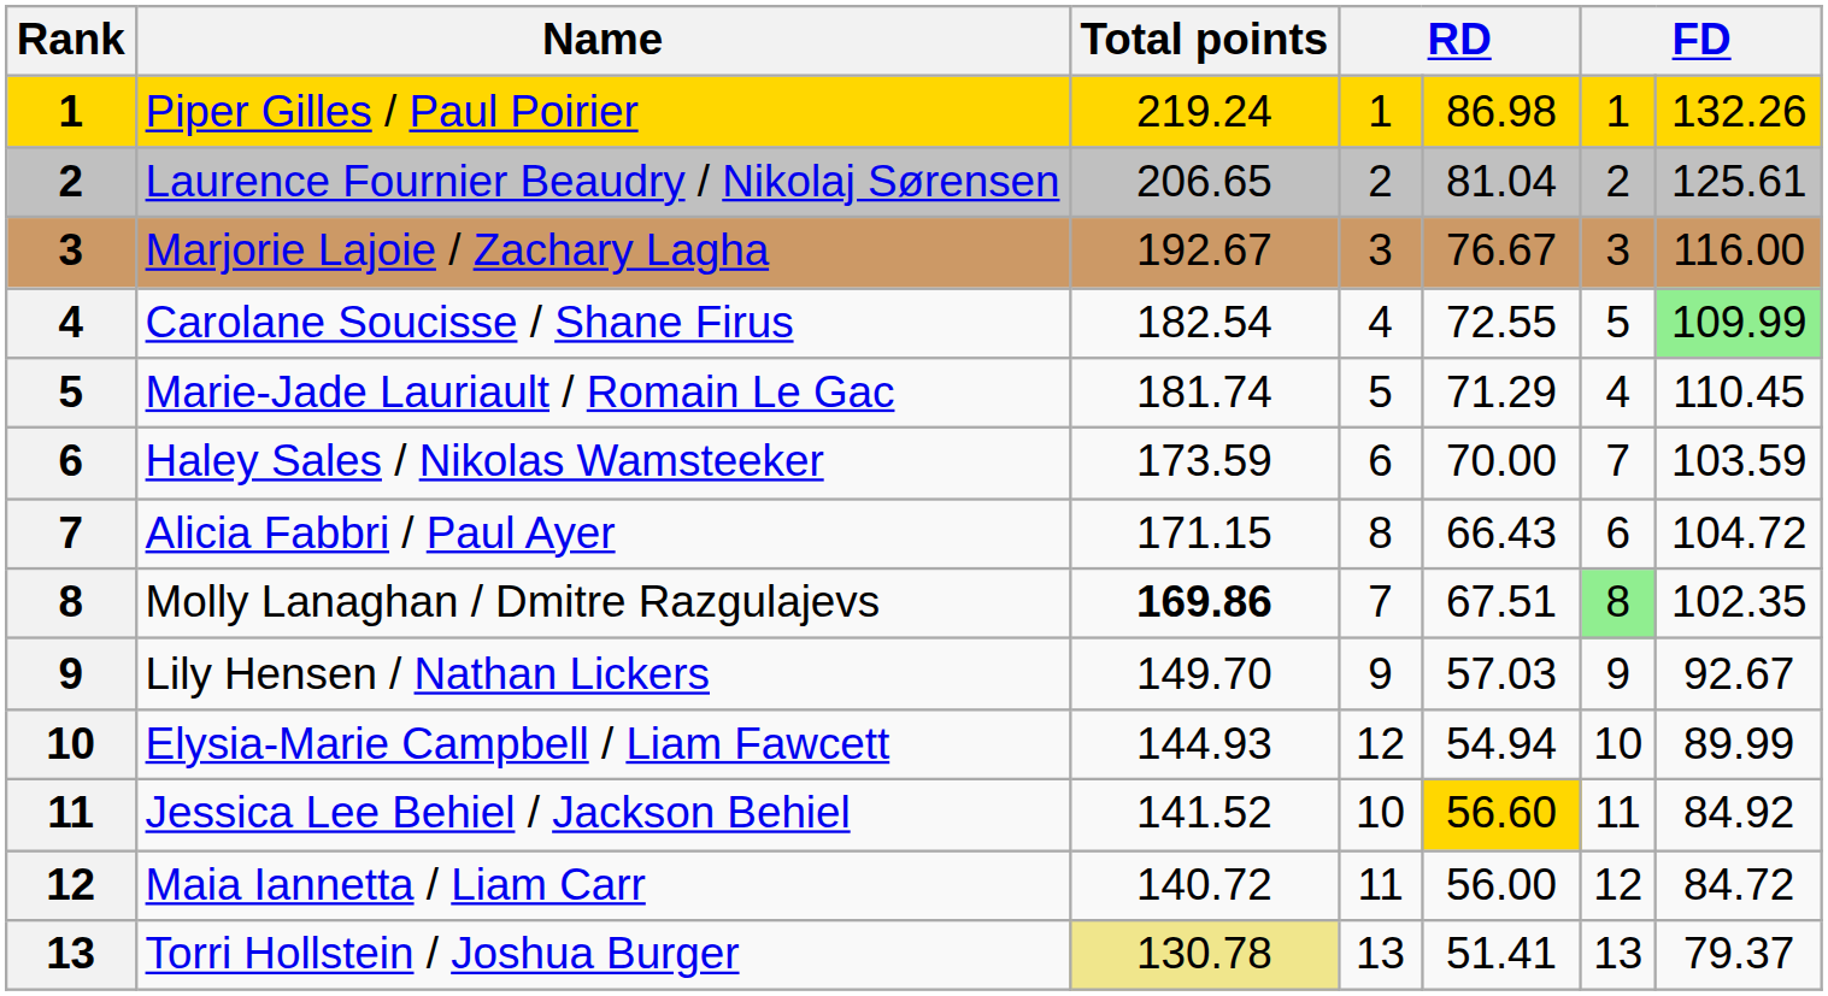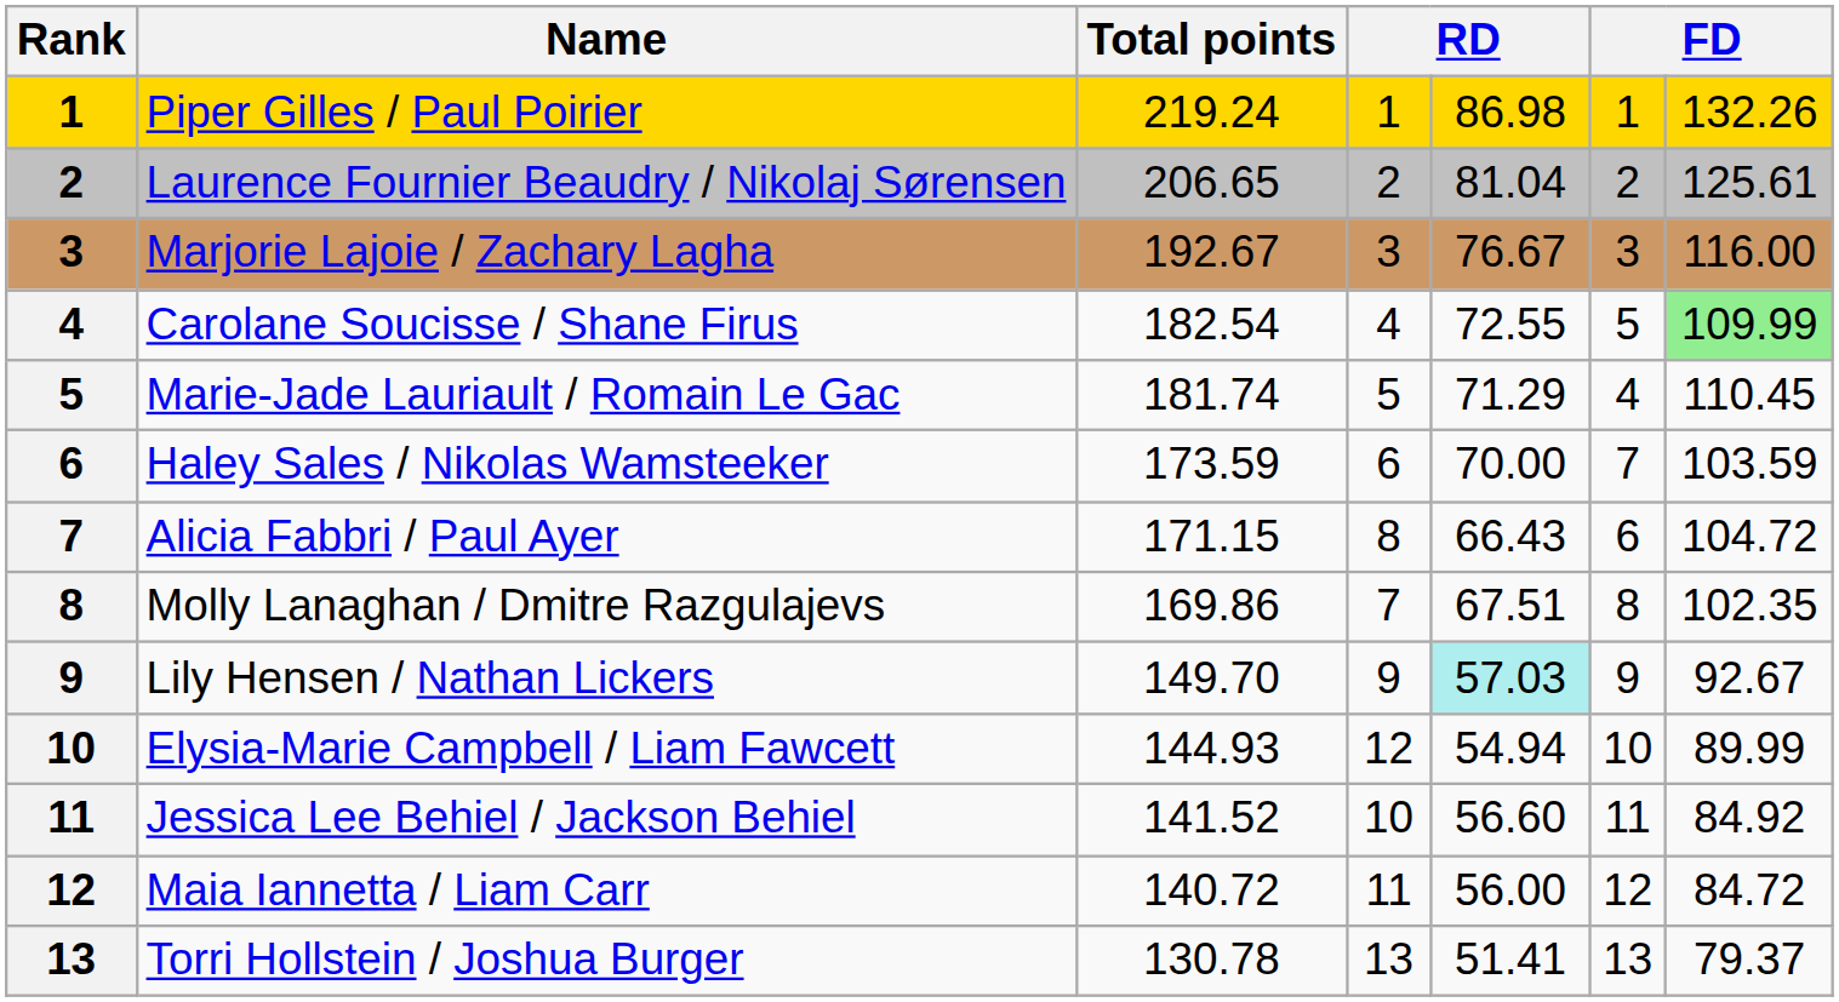 <table class="wikitable sortable">
 <tr>
 <th>Rank</th>
 <th>Name</th>
 <th>Total points</th>
 <th colspan="2" width="80px"><a href='#'>RD</a></th>
 <th colspan="2" width="80px"><a href='#'>FD</a></th>
 </tr>
 <tr bgcolor="gold">
 <td align="center"><strong>1</strong></td>
 <td><a href='#'>Piper Gilles</a> / <a href='#'>Paul Poirier</a></td>
 <td align="center">219.24</td>
 <td align="center">1</td>
 <td align="center">86.98</td>
 <td align="center">1</td>
 <td align="center">132.26</td>
 </tr>
 <tr bgcolor="silver">
 <td align="center"><strong>2</strong></td>
 <td><a href='#'>Laurence Fournier Beaudry</a> / <a href='#'>Nikolaj Sørensen</a></td>
 <td align="center">206.65</td>
 <td align="center">2</td>
 <td align="center">81.04</td>
 <td align="center">2</td>
 <td align="center">125.61</td>
 </tr>
 <tr bgcolor="cc9966">
 <td align="center"><strong>3</strong></td>
 <td><a href='#'>Marjorie Lajoie</a> / <a href='#'>Zachary Lagha</a></td>
 <td align="center">192.67</td>
 <td align="center">3</td>
 <td align="center">76.67</td>
 <td align="center">3</td>
 <td align="center">116.00</td>
 </tr>
 <tr>
 <th>4</th>
 <td><a href='#'>Carolane Soucisse</a> / <a href='#'>Shane Firus</a></td>
 <td align="center">182.54</td>
 <td align="center">4</td>
 <td align="center">72.55</td>
 <td align="center">5</td>
 <td align="center" style="background: lightgreen;">109.99</td>
 </tr>
 <tr>
 <th>5</th>
 <td><a href='#'>Marie-Jade Lauriault</a> / <a href='#'>Romain Le Gac</a></td>
 <td align="center">181.74</td>
 <td align="center">5</td>
 <td align="center">71.29</td>
 <td align="center">4</td>
 <td align="center">110.45</td>
 </tr>
 <tr>
 <th>6</th>
 <td><a href='#'>Haley Sales</a> / <a href='#'>Nikolas Wamsteeker</a></td>
 <td align="center">173.59</td>
 <td align="center">6</td>
 <td align="center">70.00</td>
 <td align="center">7</td>
 <td align="center">103.59</td>
 </tr>
 <tr>
 <th>7</th>
 <td><a href='#'>Alicia Fabbri</a> / <a href='#'>Paul Ayer</a></td>
 <td align="center">171.15</td>
 <td align="center">8</td>
 <td align="center">66.43</td>
 <td align="center">6</td>
 <td align="center">104.72</td>
 </tr>
 <tr>
 <th>8</th>
 <td>Molly Lanaghan / Dmitre Razgulajevs</td>
-<td align="center"><strong>169.86</strong></td>
+<td align="center">169.86</td>
 <td align="center">7</td>
 <td align="center">67.51</td>
-<td align="center" style="background: lightgreen;">8</td>
+<td align="center">8</td>
 <td align="center">102.35</td>
 </tr>
 <tr>
 <th>9</th>
 <td>Lily Hensen / <a href='#'>Nathan Lickers</a></td>
 <td align="center">149.70</td>
 <td align="center">9</td>
-<td align="center">57.03</td>
+<td align="center" style="background: paleturquoise;">57.03</td>
 <td align="center">9</td>
 <td align="center">92.67</td>
 </tr>
 <tr>
 <th>10</th>
 <td><a href='#'>Elysia-Marie Campbell</a> / <a href='#'>Liam Fawcett</a></td>
 <td align="center">144.93</td>
 <td align="center">12</td>
 <td align="center">54.94</td>
 <td align="center">10</td>
 <td align="center">89.99</td>
 </tr>
 <tr>
 <th>11</th>
 <td><a href='#'>Jessica Lee Behiel</a> / <a href='#'>Jackson Behiel</a></td>
 <td align="center">141.52</td>
 <td align="center">10</td>
-<td align="center" style="background: gold;">56.60</td>
+<td align="center">56.60</td>
 <td align="center">11</td>
 <td align="center">84.92</td>
 </tr>
 <tr>
 <th>12</th>
 <td><a href='#'>Maia Iannetta</a> / <a href='#'>Liam Carr</a></td>
 <td align="center">140.72</td>
 <td align="center">11</td>
 <td align="center">56.00</td>
 <td align="center">12</td>
 <td align="center">84.72</td>
 </tr>
 <tr>
 <th>13</th>
 <td><a href='#'>Torri Hollstein</a> / <a href='#'>Joshua Burger</a></td>
-<td align="center" style="background: khaki;">130.78</td>
+<td align="center">130.78</td>
 <td align="center">13</td>
 <td align="center">51.41</td>
 <td align="center">13</td>
 <td align="center">79.37</td>
 </tr>
 </table>
